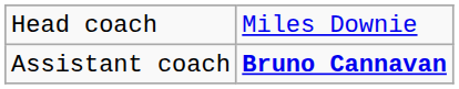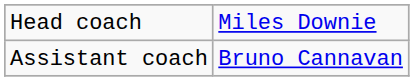 <table class="wikitable">
 <tr>
 <td>Head coach</td>
 <td> <a href='#'>Miles Downie</a></td>
 </tr>
 <tr>
 <td>Assistant coach</td>
-<td><strong> <a href='#'>Bruno Cannavan</a></strong></td>
+<td> <a href='#'>Bruno Cannavan</a></td>
 </tr>
 </table>
